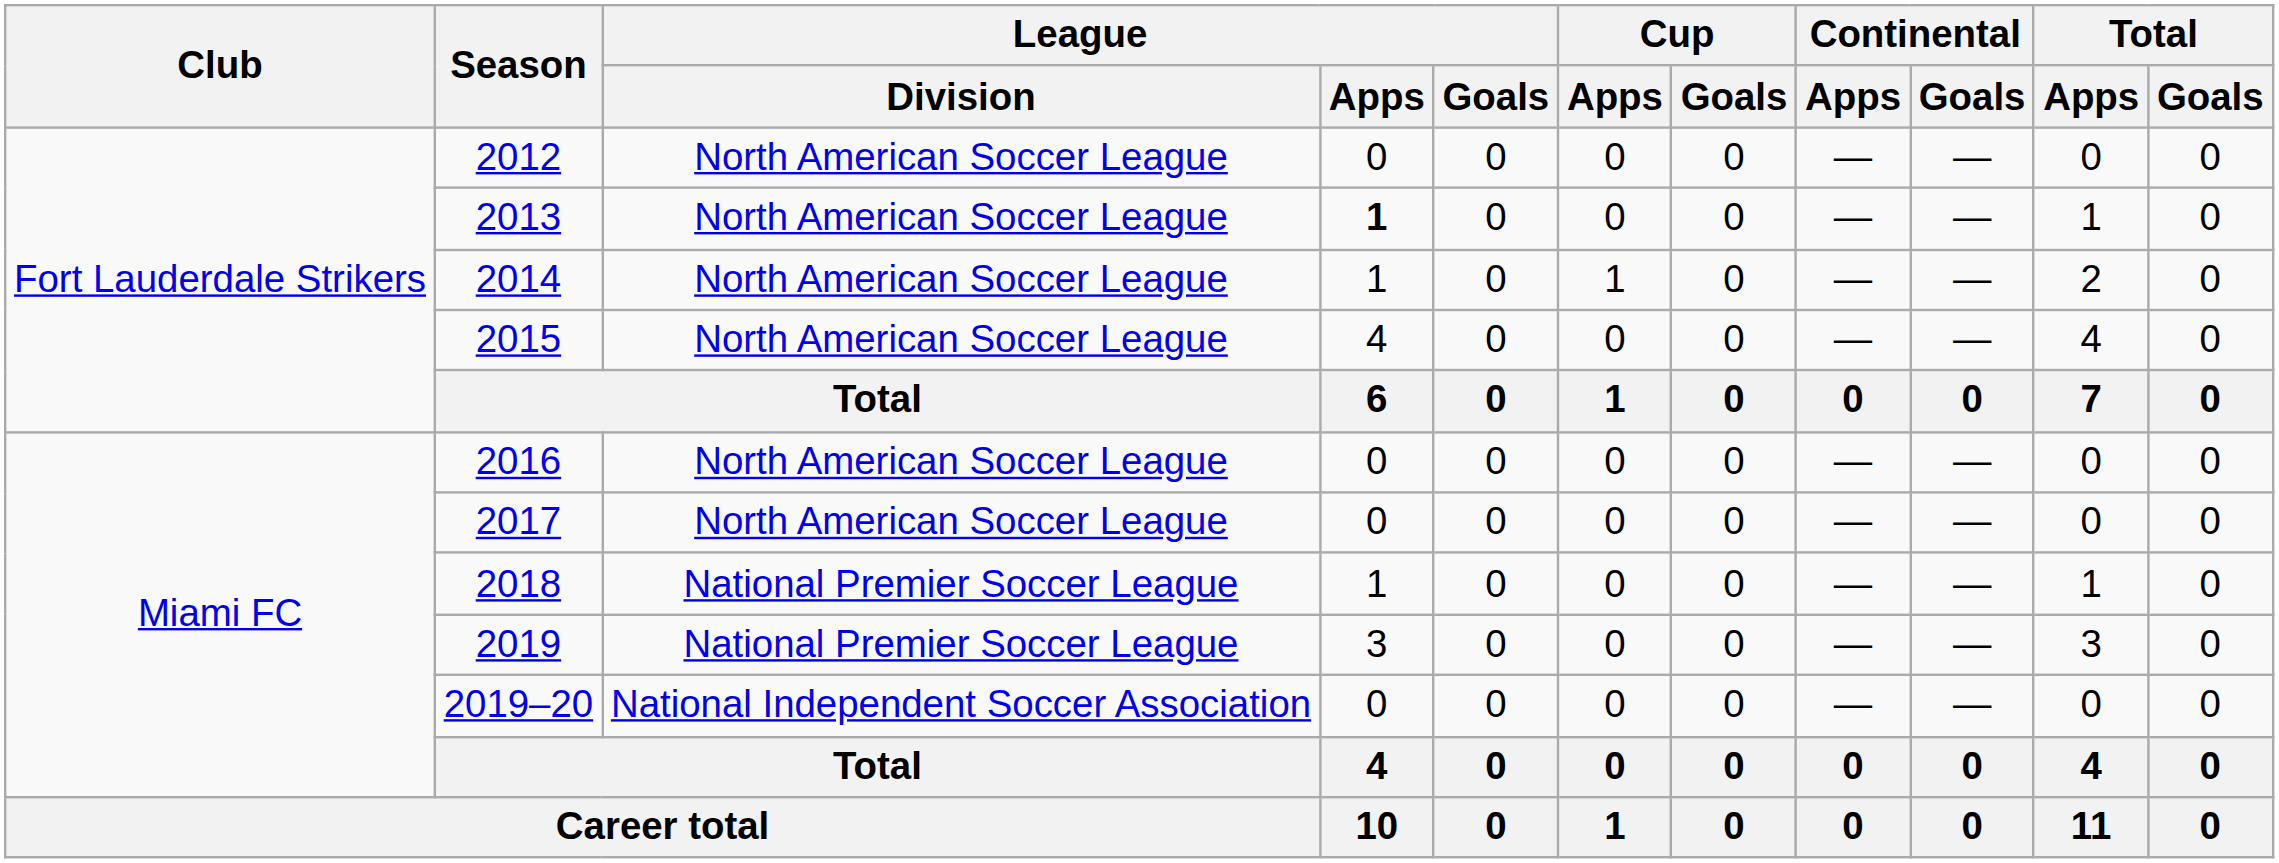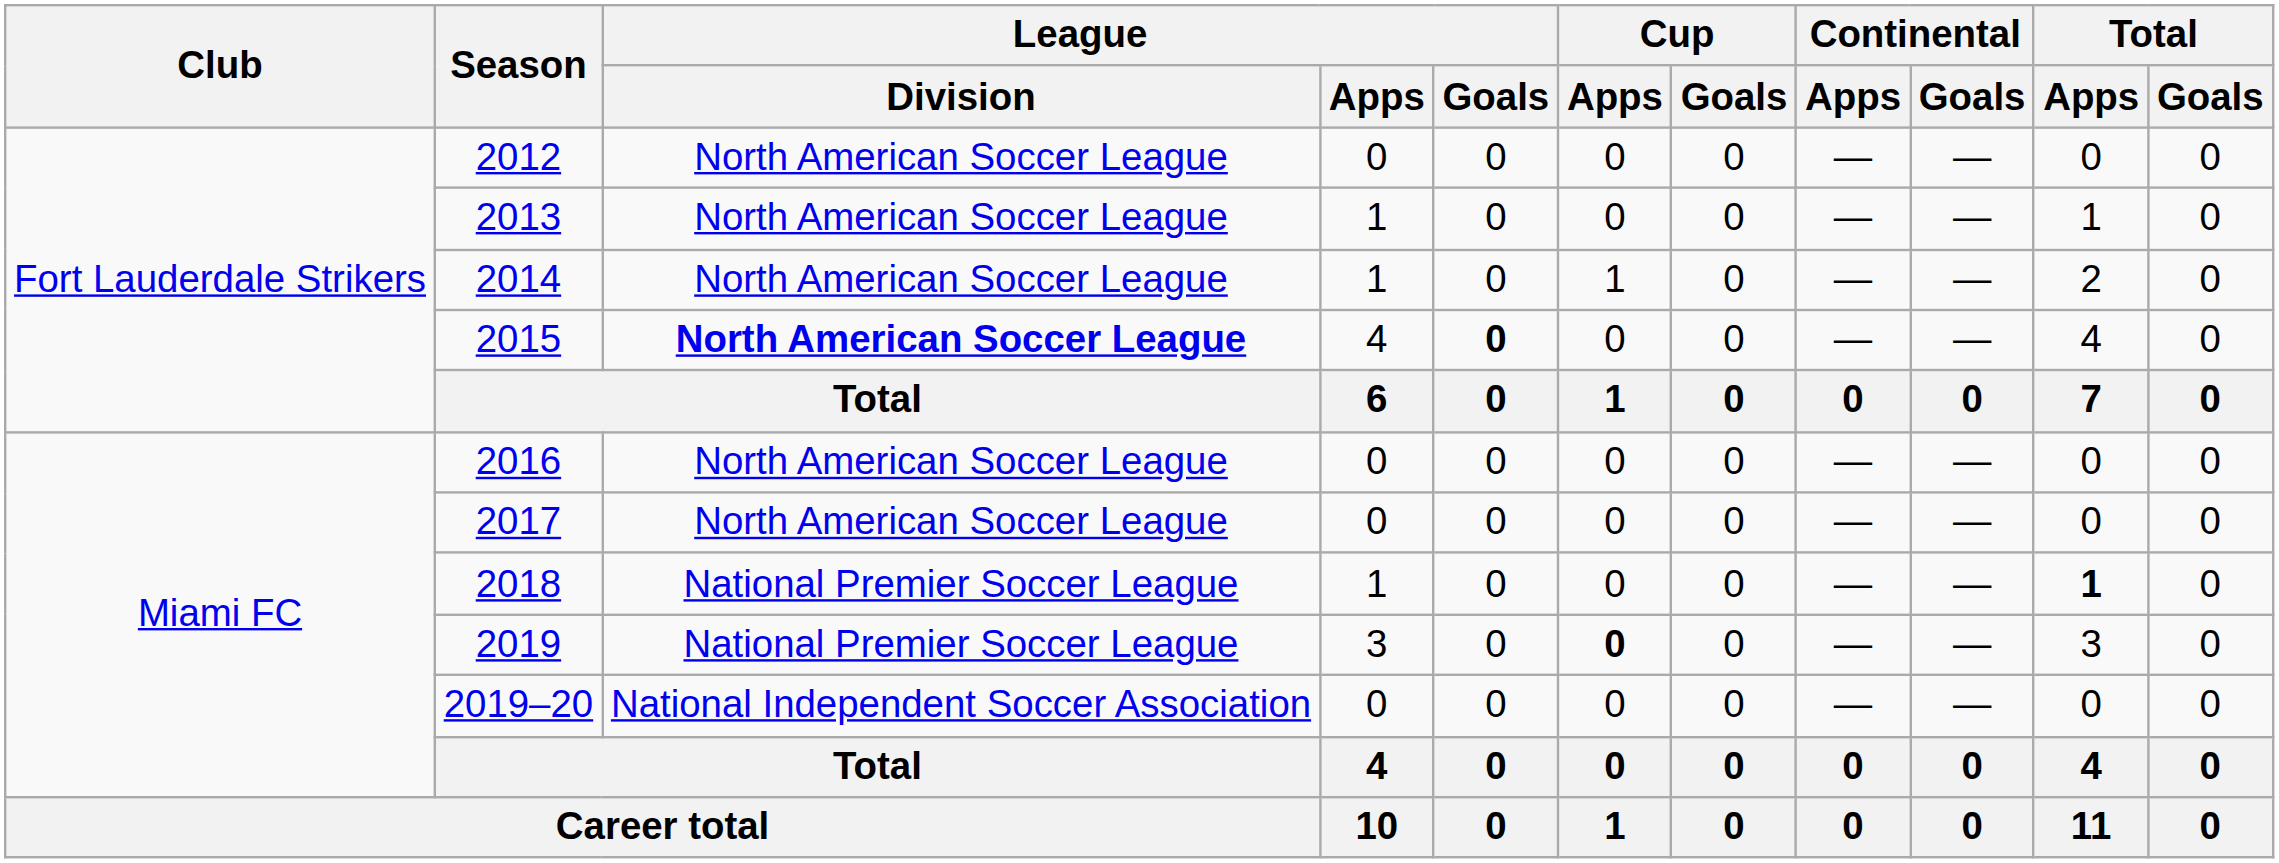 <table class=wikitable style=text-align:center>
 <tr>
 <th rowspan=2>Club</th>
 <th rowspan=2>Season</th>
 <th colspan=3>League</th>
 <th colspan=2>Cup</th>
 <th colspan=2>Continental</th>
 <th colspan=2>Total</th>
 </tr>
 <tr>
 <th>Division</th>
 <th>Apps</th>
 <th>Goals</th>
 <th>Apps</th>
 <th>Goals</th>
 <th>Apps</th>
 <th>Goals</th>
 <th>Apps</th>
 <th>Goals</th>
 </tr>
 <tr>
 <td rowspan=5><a href='#'>Fort Lauderdale Strikers</a></td>
 <td><a href='#'>2012</a></td>
 <td><a href='#'>North American Soccer League</a></td>
 <td>0</td>
 <td>0</td>
 <td>0</td>
 <td>0</td>
 <td>—</td>
 <td>—</td>
 <td>0</td>
 <td>0</td>
 </tr>
 <tr>
 <td><a href='#'>2013</a></td>
 <td><a href='#'>North American Soccer League</a></td>
-<td><strong>1</strong></td>
+<td>1</td>
 <td>0</td>
 <td>0</td>
 <td>0</td>
 <td>—</td>
 <td>—</td>
 <td>1</td>
 <td>0</td>
 </tr>
 <tr>
 <td><a href='#'>2014</a></td>
 <td><a href='#'>North American Soccer League</a></td>
 <td>1</td>
 <td>0</td>
 <td>1</td>
 <td>0</td>
 <td>—</td>
 <td>—</td>
 <td>2</td>
 <td>0</td>
 </tr>
 <tr>
 <td><a href='#'>2015</a></td>
-<td><a href='#'>North American Soccer League</a></td>
+<td><strong><a href='#'>North American Soccer League</a></strong></td>
 <td>4</td>
-<td>0</td>
+<td><strong>0</strong></td>
 <td>0</td>
 <td>0</td>
 <td>—</td>
 <td>—</td>
 <td>4</td>
 <td>0</td>
 </tr>
 <tr>
 <th colspan=2>Total</th>
 <th>6</th>
 <th>0</th>
 <th>1</th>
 <th>0</th>
 <th>0</th>
 <th>0</th>
 <th>7</th>
 <th>0</th>
 </tr>
 <tr>
 <td rowspan=6><a href='#'>Miami FC</a></td>
 <td><a href='#'>2016</a></td>
 <td><a href='#'>North American Soccer League</a></td>
 <td>0</td>
 <td>0</td>
 <td>0</td>
 <td>0</td>
 <td>—</td>
 <td>—</td>
 <td>0</td>
 <td>0</td>
 </tr>
 <tr>
 <td><a href='#'>2017</a></td>
 <td><a href='#'>North American Soccer League</a></td>
 <td>0</td>
 <td>0</td>
 <td>0</td>
 <td>0</td>
 <td>—</td>
 <td>—</td>
 <td>0</td>
 <td>0</td>
 </tr>
 <tr>
 <td><a href='#'>2018</a></td>
 <td><a href='#'>National Premier Soccer League</a></td>
 <td>1</td>
 <td>0</td>
 <td>0</td>
 <td>0</td>
 <td>—</td>
 <td>—</td>
-<td>1</td>
+<td><strong>1</strong></td>
 <td>0</td>
 </tr>
 <tr>
 <td><a href='#'>2019</a></td>
 <td><a href='#'>National Premier Soccer League</a></td>
 <td>3</td>
 <td>0</td>
-<td>0</td>
+<td><strong>0</strong></td>
 <td>0</td>
 <td>—</td>
 <td>—</td>
 <td>3</td>
 <td>0</td>
 </tr>
 <tr>
 <td><a href='#'>2019–20</a></td>
 <td><a href='#'>National Independent Soccer Association</a></td>
 <td>0</td>
 <td>0</td>
 <td>0</td>
 <td>0</td>
 <td>—</td>
 <td>—</td>
 <td>0</td>
 <td>0</td>
 </tr>
 <tr>
 <th colspan=2>Total</th>
 <th>4</th>
 <th>0</th>
 <th>0</th>
 <th>0</th>
 <th>0</th>
 <th>0</th>
 <th>4</th>
 <th>0</th>
 </tr>
 <tr>
 <th colspan=3>Career total</th>
 <th>10</th>
 <th>0</th>
 <th>1</th>
 <th>0</th>
 <th>0</th>
 <th>0</th>
 <th>11</th>
 <th>0</th>
 </tr>
 </table>
